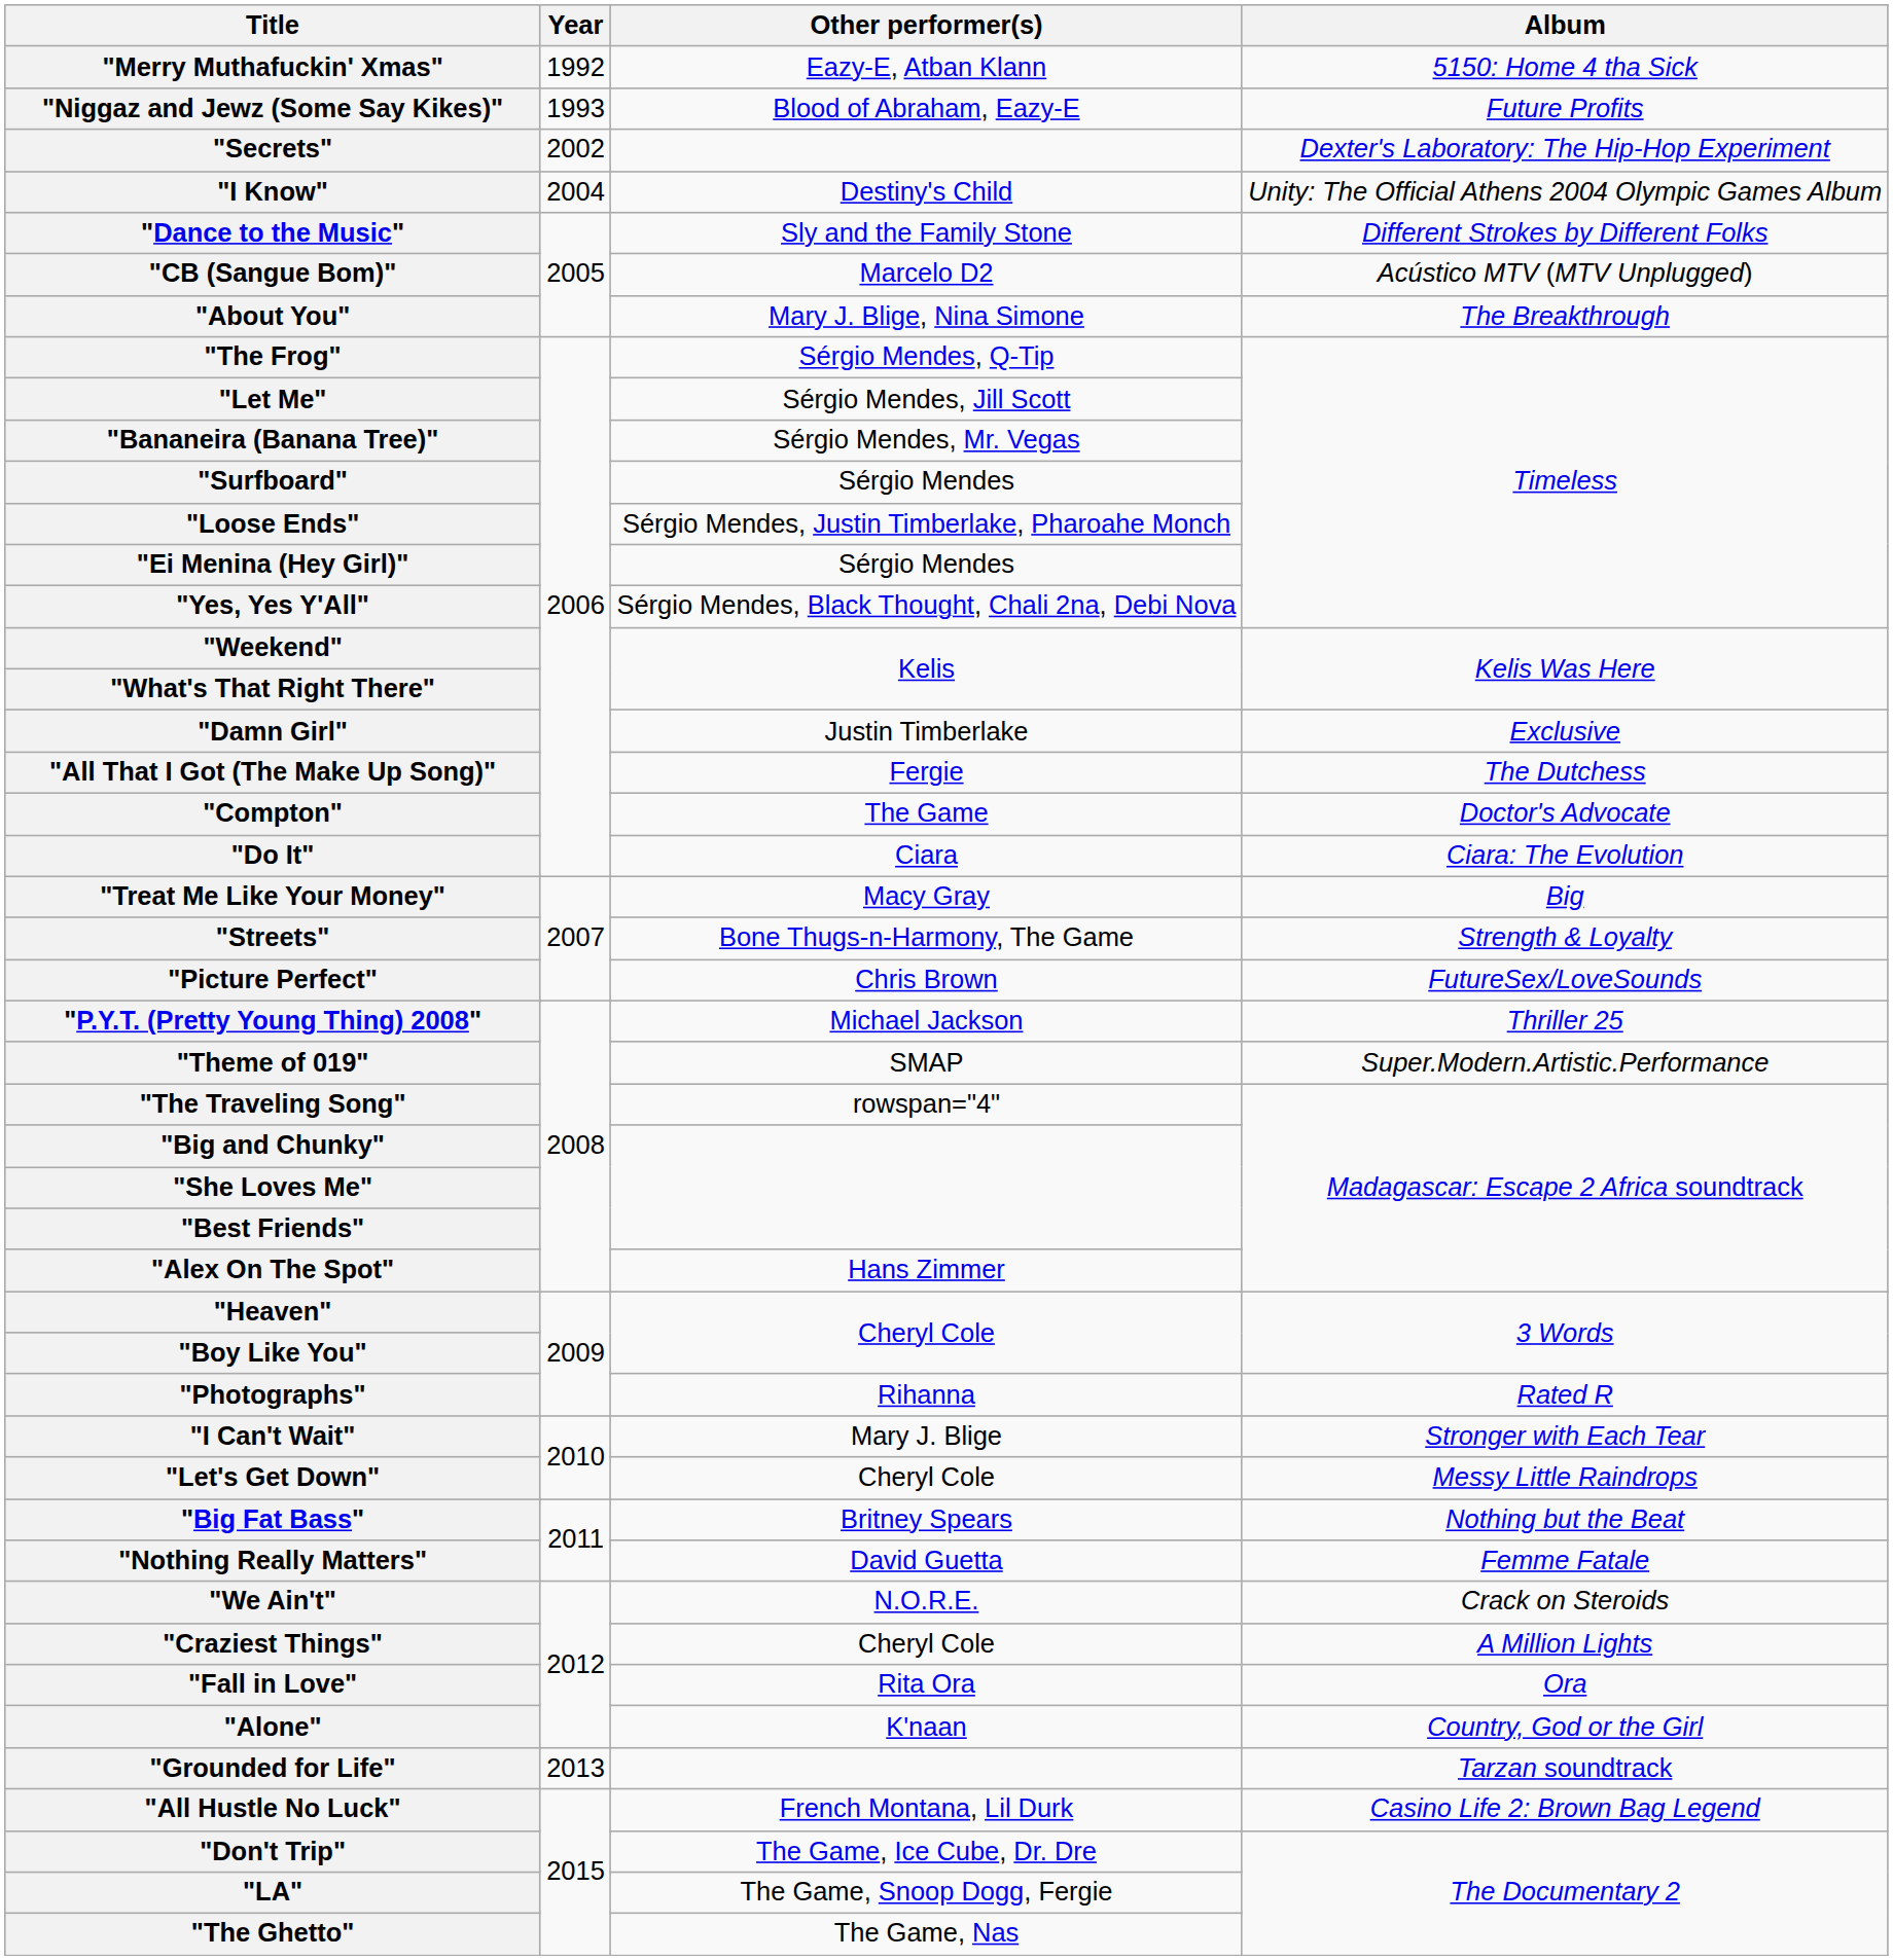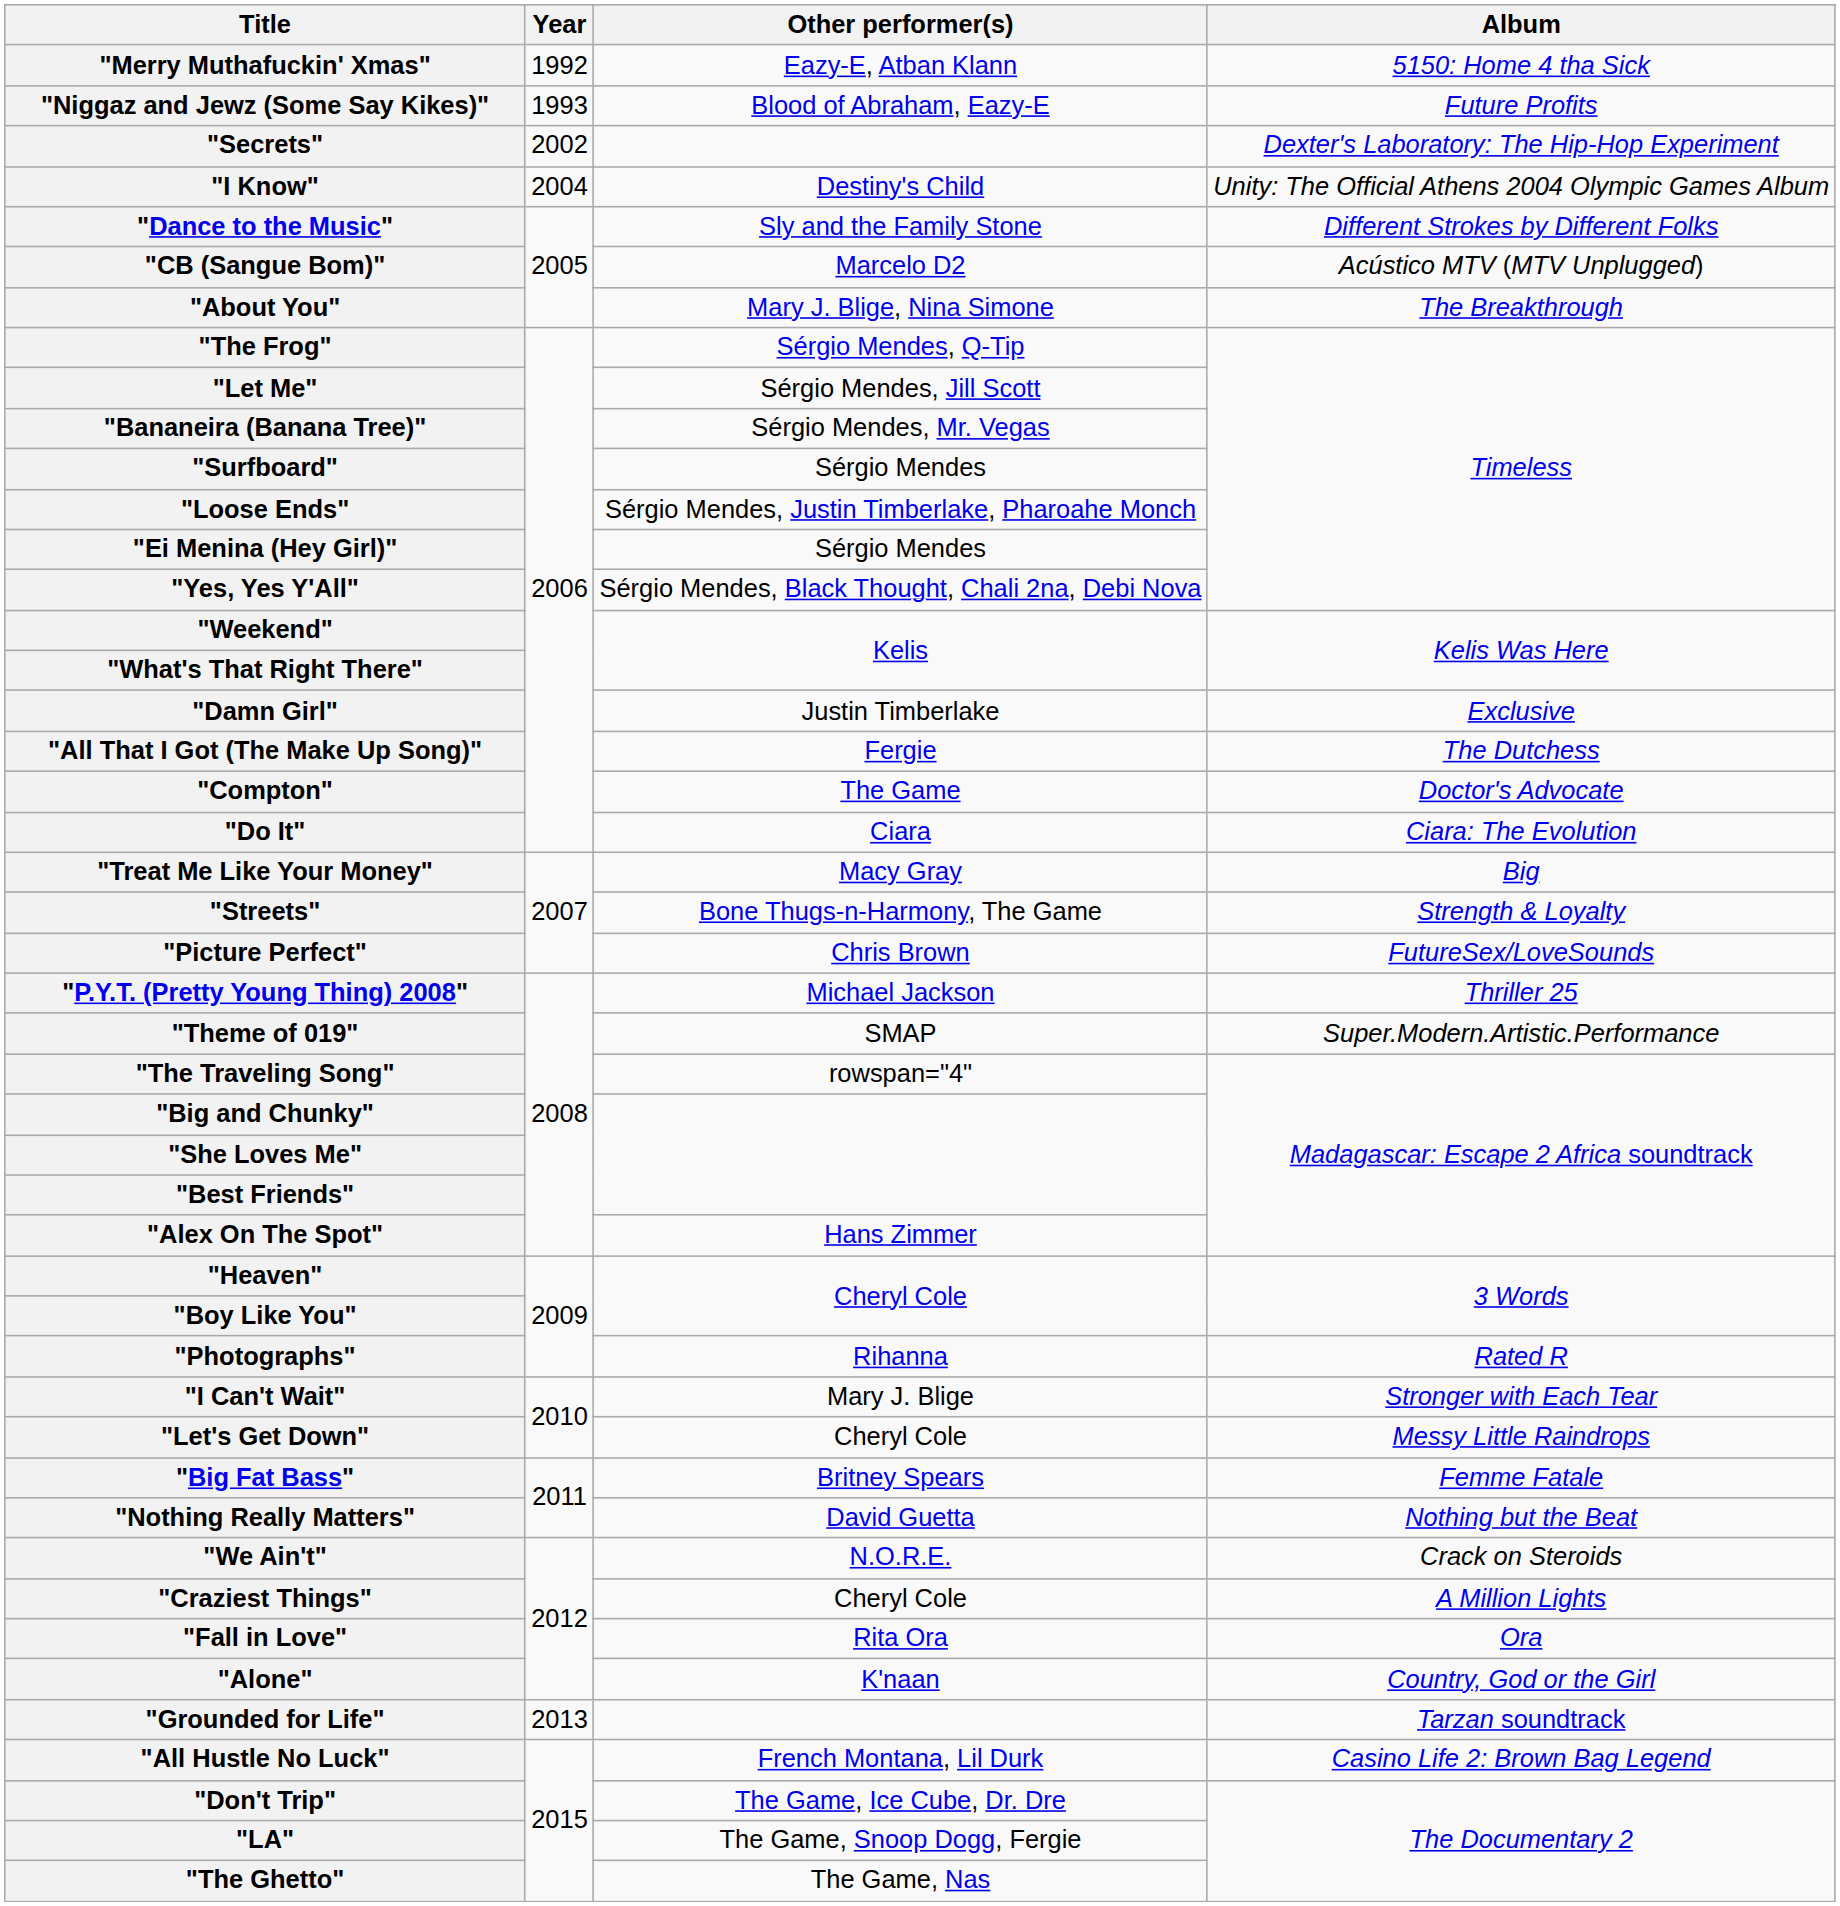 <table class="wikitable plainrowheaders" style="text-align:center;">
 <tr>
 <th scope="col" style="width:20em;">Title</th>
 <th scope="col">Year</th>
 <th scope="col">Other performer(s)</th>
 <th scope="col">Album</th>
 </tr>
 <tr>
 <th scope="row">"Merry Muthafuckin' Xmas"</th>
 <td>1992</td>
 <td><a href='#'>Eazy-E</a>, <a href='#'>Atban Klann</a></td>
 <td><em><a href='#'>5150: Home 4 tha Sick</a></em></td>
 </tr>
 <tr>
 <th scope="row">"Niggaz and Jewz (Some Say Kikes)"</th>
 <td>1993</td>
 <td><a href='#'>Blood of Abraham</a>, <a href='#'>Eazy-E</a></td>
 <td><em><a href='#'>Future Profits</a></em></td>
 </tr>
 <tr>
 <th scope="row">"Secrets"</th>
 <td>2002</td>
 <td></td>
 <td><em><a href='#'>Dexter's Laboratory: The Hip-Hop Experiment</a></em></td>
 </tr>
 <tr>
 <th scope="row">"I Know"</th>
 <td>2004</td>
 <td><a href='#'>Destiny's Child</a></td>
 <td><em>Unity: The Official Athens 2004 Olympic Games Album</em></td>
 </tr>
 <tr>
 <th scope="row">"<a href='#'>Dance to the Music</a>"</th>
 <td rowspan="3">2005</td>
 <td><a href='#'>Sly and the Family Stone</a></td>
 <td><em><a href='#'>Different Strokes by Different Folks</a></em></td>
 </tr>
 <tr>
 <th scope="row">"CB (Sangue Bom)"</th>
 <td><a href='#'>Marcelo D2</a></td>
 <td><em>Acústico MTV</em> (<em>MTV Unplugged</em>)</td>
 </tr>
 <tr>
 <th scope="row">"About You"</th>
 <td><a href='#'>Mary J. Blige</a>, <a href='#'>Nina Simone</a></td>
 <td><em><a href='#'>The Breakthrough</a></em></td>
 </tr>
 <tr>
 <th scope="row">"The Frog"</th>
 <td rowspan="13">2006</td>
 <td><a href='#'>Sérgio Mendes</a>, <a href='#'>Q-Tip</a></td>
 <td rowspan="7"><em><a href='#'>Timeless</a></em></td>
 </tr>
 <tr>
 <th scope="row">"Let Me"</th>
 <td>Sérgio Mendes, <a href='#'>Jill Scott</a></td>
 </tr>
 <tr>
 <th scope="row">"Bananeira (Banana Tree)"</th>
 <td>Sérgio Mendes, <a href='#'>Mr. Vegas</a></td>
 </tr>
 <tr>
 <th scope="row">"Surfboard"</th>
 <td>Sérgio Mendes</td>
 </tr>
 <tr>
 <th scope="row">"Loose Ends"</th>
 <td>Sérgio Mendes, <a href='#'>Justin Timberlake</a>, <a href='#'>Pharoahe Monch</a></td>
 </tr>
 <tr>
 <th scope="row">"Ei Menina (Hey Girl)"</th>
 <td>Sérgio Mendes</td>
 </tr>
 <tr>
 <th scope="row">"Yes, Yes Y'All"</th>
 <td>Sérgio Mendes, <a href='#'>Black Thought</a>, <a href='#'>Chali 2na</a>, <a href='#'>Debi Nova</a></td>
 </tr>
 <tr>
 <th scope="row">"Weekend"</th>
 <td rowspan="2"><a href='#'>Kelis</a></td>
 <td rowspan="2"><em><a href='#'>Kelis Was Here</a></em></td>
 </tr>
 <tr>
 <th scope="row">"What's That Right There"</th>
 </tr>
 <tr>
 <th scope="row">"Damn Girl"</th>
 <td>Justin Timberlake</td>
 <td><em><a href='#'>Exclusive</a></em></td>
 </tr>
 <tr>
 <th scope="row">"All That I Got (The Make Up Song)"</th>
 <td><a href='#'>Fergie</a></td>
 <td><em><a href='#'>The Dutchess</a></em></td>
 </tr>
 <tr>
 <th scope="row">"Compton"</th>
 <td><a href='#'>The Game</a></td>
 <td><em><a href='#'>Doctor's Advocate</a></em></td>
 </tr>
 <tr>
 <th scope="row">"Do It"</th>
 <td><a href='#'>Ciara</a></td>
 <td><em><a href='#'>Ciara: The Evolution</a></em></td>
 </tr>
 <tr>
 <th scope="row">"Treat Me Like Your Money"</th>
 <td rowspan="3">2007</td>
 <td><a href='#'>Macy Gray</a></td>
 <td><em><a href='#'>Big</a></em></td>
 </tr>
 <tr>
 <th scope="row">"Streets"</th>
 <td><a href='#'>Bone Thugs-n-Harmony</a>, The Game</td>
 <td><em><a href='#'>Strength & Loyalty</a></em></td>
 </tr>
 <tr>
 <th scope="row">"Picture Perfect"</th>
 <td><a href='#'>Chris Brown</a></td>
 <td><em><a href='#'>FutureSex/LoveSounds</a></em></td>
 </tr>
 <tr>
 <th scope="row">"<a href='#'>P.Y.T. (Pretty Young Thing) 2008</a>"</th>
 <td rowspan="7">2008</td>
 <td><a href='#'>Michael Jackson</a></td>
 <td><em><a href='#'>Thriller 25</a></em></td>
 </tr>
 <tr>
 <th scope="row">"Theme of 019"</th>
 <td>SMAP</td>
 <td><em>Super.Modern.Artistic.Performance</em></td>
 </tr>
 <tr>
 <th scope="row">"The Traveling Song"</th>
 <td>rowspan="4" </td>
 <td rowspan="5"><a href='#'><em>Madagascar: Escape 2 Africa</em> soundtrack</a></td>
 </tr>
 <tr>
 <th scope="row">"Big and Chunky"</th>
 </tr>
 <tr>
 <th scope="row">"She Loves Me"</th>
 </tr>
 <tr>
 <th scope="row">"Best Friends"</th>
 </tr>
 <tr>
 <th scope="row">"Alex On The Spot"</th>
 <td><a href='#'>Hans Zimmer</a></td>
 </tr>
 <tr>
 <th scope="row">"Heaven"</th>
 <td rowspan="3">2009</td>
 <td rowspan="2"><a href='#'>Cheryl Cole</a></td>
 <td rowspan="2"><em><a href='#'>3 Words</a></em></td>
 </tr>
 <tr>
 <th scope="row">"Boy Like You"</th>
 </tr>
 <tr>
 <th scope="row">"Photographs"</th>
 <td><a href='#'>Rihanna</a></td>
 <td><em><a href='#'>Rated R</a></em></td>
 </tr>
 <tr>
 <th scope="row">"I Can't Wait"</th>
 <td rowspan="2">2010</td>
 <td>Mary J. Blige</td>
 <td><em><a href='#'>Stronger with Each Tear</a></em></td>
 </tr>
 <tr>
 <th scope="row">"Let's Get Down"</th>
 <td>Cheryl Cole</td>
 <td><em><a href='#'>Messy Little Raindrops</a></em></td>
 </tr>
 <tr>
 <th scope="row">"<a href='#'>Big Fat Bass</a>"</th>
 <td rowspan="2">2011</td>
 <td><a href='#'>Britney Spears</a></td>
-<td><em><a href='#'>Nothing but the Beat</a></em></td>
+<td><em><a href='#'>Femme Fatale</a></em></td>
 </tr>
 <tr>
 <th scope="row">"Nothing Really Matters"</th>
 <td><a href='#'>David Guetta</a></td>
-<td><em><a href='#'>Femme Fatale</a></em></td>
+<td><em><a href='#'>Nothing but the Beat</a></em></td>
 </tr>
 <tr>
 <th scope="row">"We Ain't"</th>
 <td rowspan="4">2012</td>
 <td><a href='#'>N.O.R.E.</a></td>
 <td><em>Crack on Steroids</em></td>
 </tr>
 <tr>
 <th scope="row">"Craziest Things"</th>
 <td>Cheryl Cole</td>
 <td><em><a href='#'>A Million Lights</a></em></td>
 </tr>
 <tr>
 <th scope="row">"Fall in Love"</th>
 <td><a href='#'>Rita Ora</a></td>
 <td><em><a href='#'>Ora</a></em></td>
 </tr>
 <tr>
 <th scope="row">"Alone"</th>
 <td><a href='#'>K'naan</a></td>
 <td><em><a href='#'>Country, God or the Girl</a></em></td>
 </tr>
 <tr>
 <th scope="row">"Grounded for Life"</th>
 <td>2013</td>
 <td></td>
 <td><a href='#'><em>Tarzan</em> soundtrack</a></td>
 </tr>
 <tr>
 <th scope="row">"All Hustle No Luck"</th>
 <td rowspan="4">2015</td>
 <td><a href='#'>French Montana</a>, <a href='#'>Lil Durk</a></td>
 <td><em><a href='#'>Casino Life 2: Brown Bag Legend</a></em></td>
 </tr>
 <tr>
 <th scope="row">"Don't Trip"</th>
 <td><a href='#'>The Game</a>, <a href='#'>Ice Cube</a>, <a href='#'>Dr. Dre</a></td>
 <td rowspan="3"><em><a href='#'>The Documentary 2</a></em></td>
 </tr>
 <tr>
 <th scope="row">"LA"</th>
 <td>The Game, <a href='#'>Snoop Dogg</a>, Fergie</td>
 </tr>
 <tr>
 <th scope="row">"The Ghetto"</th>
 <td>The Game, <a href='#'>Nas</a></td>
 </tr>
 </table>
